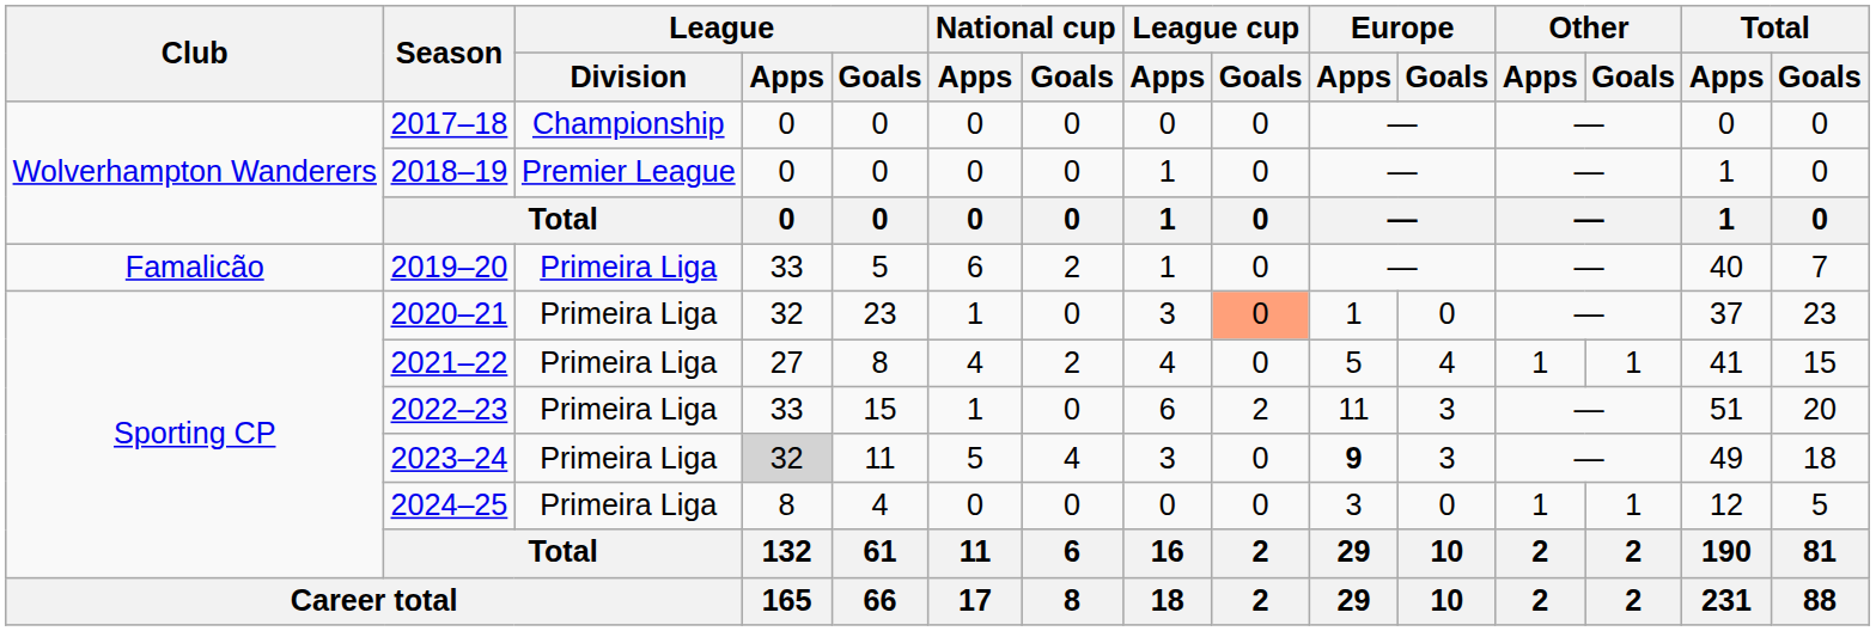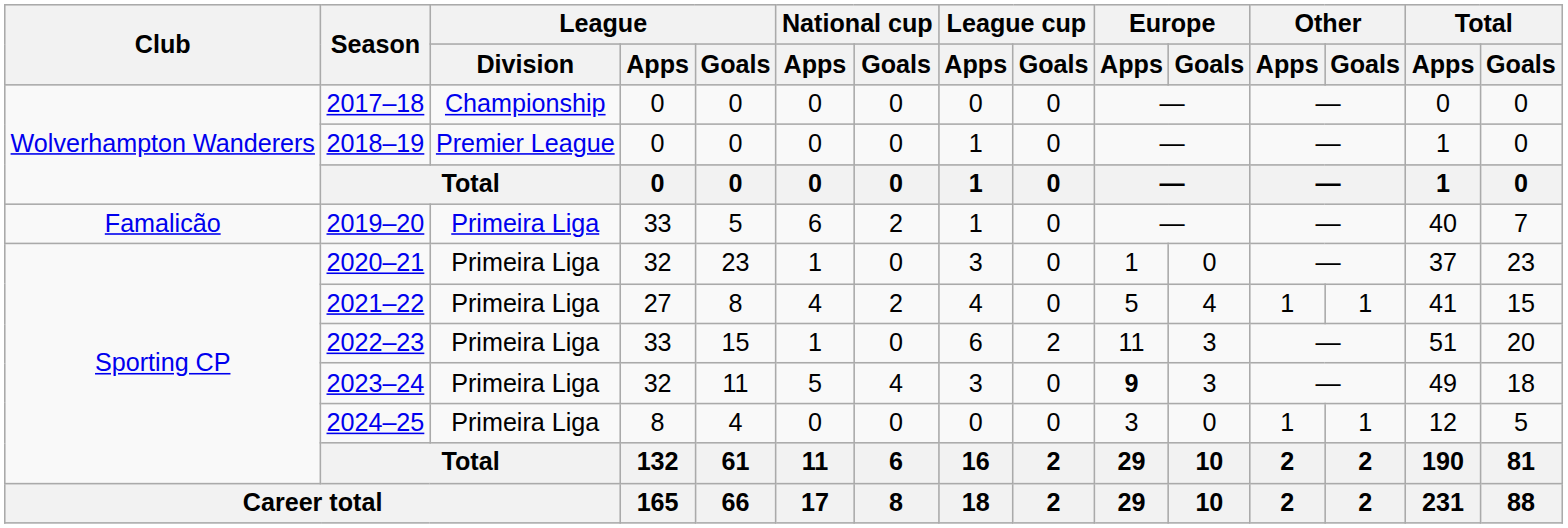 <table class="wikitable" style="text-align: center">
 <tr>
 <th rowspan="2">Club</th>
 <th rowspan="2">Season</th>
 <th colspan="3">League</th>
 <th colspan="2">National cup</th>
 <th colspan="2">League cup</th>
 <th colspan="2">Europe</th>
 <th colspan="2">Other</th>
 <th colspan="2">Total</th>
 </tr>
 <tr>
 <th>Division</th>
 <th>Apps</th>
 <th>Goals</th>
 <th>Apps</th>
 <th>Goals</th>
 <th>Apps</th>
 <th>Goals</th>
 <th>Apps</th>
 <th>Goals</th>
 <th>Apps</th>
 <th>Goals</th>
 <th>Apps</th>
 <th>Goals</th>
 </tr>
 <tr>
 <td rowspan="3"><a href='#'>Wolverhampton Wanderers</a></td>
 <td><a href='#'>2017–18</a></td>
 <td><a href='#'>Championship</a></td>
 <td>0</td>
 <td>0</td>
 <td>0</td>
 <td>0</td>
 <td>0</td>
 <td>0</td>
 <td colspan="2">—</td>
 <td colspan="2">—</td>
 <td>0</td>
 <td>0</td>
 </tr>
 <tr>
 <td><a href='#'>2018–19</a></td>
 <td><a href='#'>Premier League</a></td>
 <td>0</td>
 <td>0</td>
 <td>0</td>
 <td>0</td>
 <td>1</td>
 <td>0</td>
 <td colspan="2">—</td>
 <td colspan="2">—</td>
 <td>1</td>
 <td>0</td>
 </tr>
 <tr>
 <th colspan="2">Total</th>
 <th>0</th>
 <th>0</th>
 <th>0</th>
 <th>0</th>
 <th>1</th>
 <th>0</th>
 <th colspan="2">—</th>
 <th colspan="2">—</th>
 <th>1</th>
 <th>0</th>
 </tr>
 <tr>
 <td><a href='#'>Famalicão</a></td>
 <td><a href='#'>2019–20</a></td>
 <td><a href='#'>Primeira Liga</a></td>
 <td>33</td>
 <td>5</td>
 <td>6</td>
 <td>2</td>
 <td>1</td>
 <td>0</td>
 <td colspan="2">—</td>
 <td colspan="2">—</td>
 <td>40</td>
 <td>7</td>
 </tr>
 <tr>
 <td rowspan="6"><a href='#'>Sporting CP</a></td>
 <td><a href='#'>2020–21</a></td>
 <td>Primeira Liga</td>
 <td>32</td>
 <td>23</td>
 <td>1</td>
 <td>0</td>
 <td>3</td>
-<td style="background: lightsalmon;">0</td>
+<td>0</td>
 <td>1</td>
 <td>0</td>
 <td colspan="2">—</td>
 <td>37</td>
 <td>23</td>
 </tr>
 <tr>
 <td><a href='#'>2021–22</a></td>
 <td>Primeira Liga</td>
 <td>27</td>
 <td>8</td>
 <td>4</td>
 <td>2</td>
 <td>4</td>
 <td>0</td>
 <td>5</td>
 <td>4</td>
 <td>1</td>
 <td>1</td>
 <td>41</td>
 <td>15</td>
 </tr>
 <tr>
 <td><a href='#'>2022–23</a></td>
 <td>Primeira Liga</td>
 <td>33</td>
 <td>15</td>
 <td>1</td>
 <td>0</td>
 <td>6</td>
 <td>2</td>
 <td>11</td>
 <td>3</td>
 <td colspan="2">—</td>
 <td>51</td>
 <td>20</td>
 </tr>
 <tr>
 <td><a href='#'>2023–24</a></td>
 <td>Primeira Liga</td>
-<td style="background: lightgrey;">32</td>
+<td>32</td>
 <td>11</td>
 <td>5</td>
 <td>4</td>
 <td>3</td>
 <td>0</td>
 <td><strong>9</strong></td>
 <td>3</td>
 <td colspan="2">—</td>
 <td>49</td>
 <td>18</td>
 </tr>
 <tr>
 <td><a href='#'>2024–25</a></td>
 <td>Primeira Liga</td>
 <td>8</td>
 <td>4</td>
 <td>0</td>
 <td>0</td>
 <td>0</td>
 <td>0</td>
 <td>3</td>
 <td>0</td>
 <td>1</td>
 <td>1</td>
 <td>12</td>
 <td>5</td>
 </tr>
 <tr>
 <th colspan="2">Total</th>
 <th>132</th>
 <th>61</th>
 <th>11</th>
 <th>6</th>
 <th>16</th>
 <th>2</th>
 <th>29</th>
 <th>10</th>
 <th>2</th>
 <th>2</th>
 <th>190</th>
 <th>81</th>
 </tr>
 <tr>
 <th colspan="3">Career total</th>
 <th>165</th>
 <th>66</th>
 <th>17</th>
 <th>8</th>
 <th>18</th>
 <th>2</th>
 <th>29</th>
 <th>10</th>
 <th>2</th>
 <th>2</th>
 <th>231</th>
 <th>88</th>
 </tr>
 </table>
